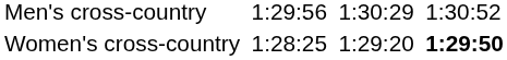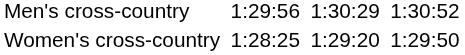 <table>
 <tr>
 <td>Men's cross-country</td>
 <td></td>
 <td>1:29:56</td>
 <td></td>
 <td>1:30:29</td>
 <td></td>
 <td>1:30:52</td>
 </tr>
 <tr>
 <td>Women's cross-country</td>
 <td></td>
 <td>1:28:25</td>
 <td></td>
 <td>1:29:20</td>
 <td></td>
-<td><strong>1:29:50</strong></td>
+<td>1:29:50</td>
 </tr>
 </table>
